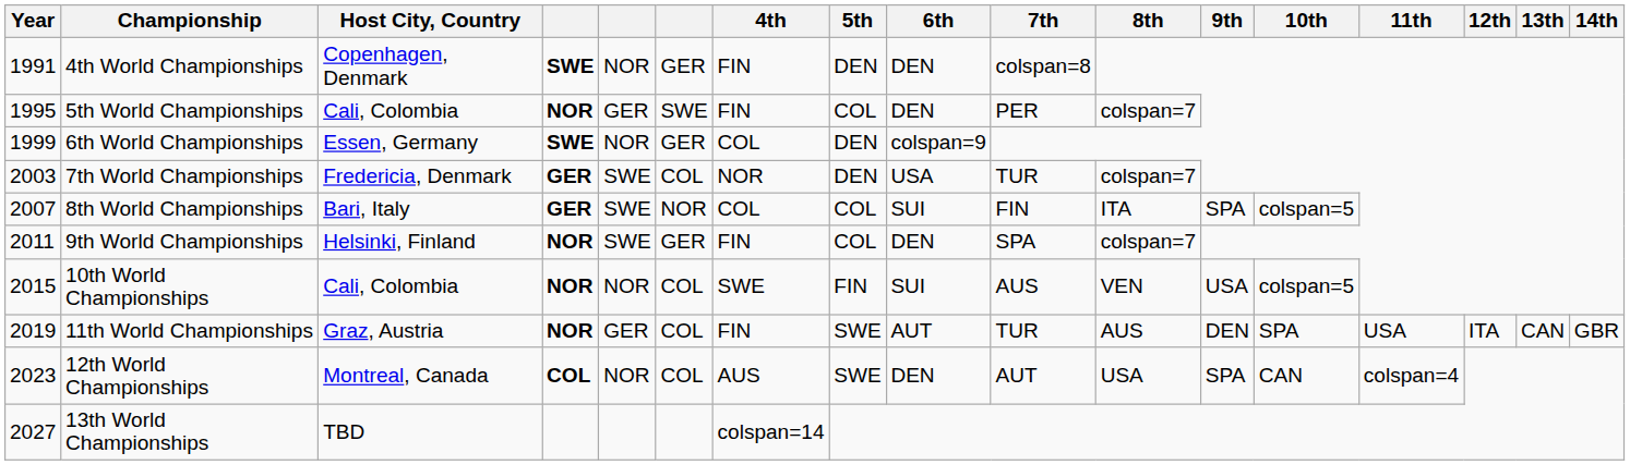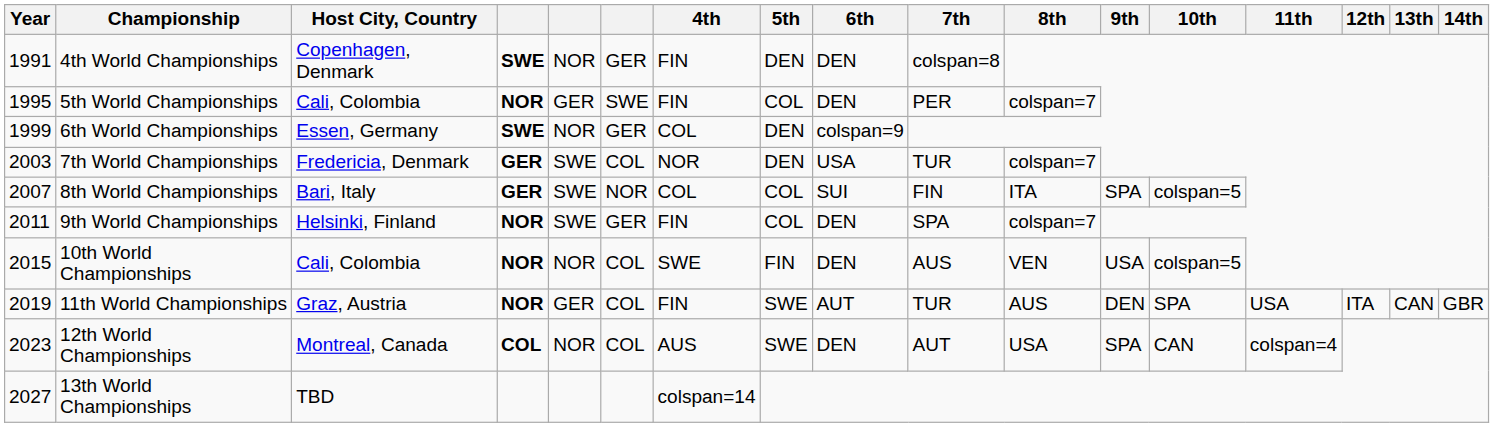 <table class="wikitable">
 <tr>
 <th>Year</th>
 <th>Championship</th>
 <th>Host City, Country </th>
 <th></th>
 <th></th>
 <th></th>
 <th>4th</th>
 <th>5th</th>
 <th>6th</th>
 <th>7th</th>
 <th>8th</th>
 <th>9th</th>
 <th>10th</th>
 <th>11th</th>
 <th>12th</th>
 <th>13th</th>
 <th>14th</th>
 </tr>
 <tr>
 <td>1991</td>
 <td>4th World Championships</td>
 <td> <a href='#'>Copenhagen</a>, Denmark</td>
 <td>  <strong>SWE</strong></td>
 <td>  NOR</td>
 <td>  GER</td>
 <td> FIN</td>
 <td> DEN</td>
 <td> DEN</td>
 <td>colspan=8 </td>
 </tr>
 <tr>
 <td>1995</td>
 <td>5th World Championships</td>
 <td> <a href='#'>Cali</a>, Colombia</td>
 <td>  <strong>NOR</strong></td>
 <td>  GER</td>
 <td>  SWE</td>
 <td> FIN</td>
 <td> COL</td>
 <td> DEN</td>
 <td> PER</td>
 <td>colspan=7 </td>
 </tr>
 <tr>
 <td>1999</td>
 <td>6th World Championships</td>
 <td> <a href='#'>Essen</a>, Germany</td>
 <td>  <strong>SWE</strong></td>
 <td>  NOR</td>
 <td>  GER</td>
 <td> COL</td>
 <td> DEN</td>
 <td>colspan=9 </td>
 </tr>
 <tr>
 <td>2003</td>
 <td>7th World Championships</td>
 <td> <a href='#'>Fredericia</a>, Denmark</td>
 <td>  <strong>GER</strong></td>
 <td>  SWE</td>
 <td>  COL</td>
 <td> NOR</td>
 <td> DEN</td>
 <td> USA</td>
 <td> TUR</td>
 <td>colspan=7 </td>
 </tr>
 <tr>
 <td>2007</td>
 <td>8th World Championships</td>
 <td> <a href='#'>Bari</a>, Italy</td>
 <td>  <strong>GER</strong></td>
 <td>  SWE</td>
 <td>  NOR</td>
 <td> COL</td>
 <td> COL</td>
 <td> SUI</td>
 <td> FIN</td>
 <td> ITA</td>
 <td> SPA</td>
 <td>colspan=5 </td>
 </tr>
 <tr>
 <td>2011</td>
 <td>9th World Championships</td>
 <td> <a href='#'>Helsinki</a>, Finland</td>
 <td>  <strong>NOR</strong></td>
 <td>  SWE</td>
 <td>  GER</td>
 <td> FIN</td>
 <td> COL</td>
 <td> DEN</td>
 <td> SPA</td>
 <td>colspan=7 </td>
 </tr>
 <tr>
 <td>2015</td>
 <td>10th World Championships</td>
 <td> <a href='#'>Cali</a>, Colombia</td>
 <td>  <strong>NOR</strong></td>
 <td>  NOR</td>
 <td>  COL</td>
 <td> SWE</td>
 <td> FIN</td>
-<td> SUI</td>
+<td> DEN</td>
 <td> AUS</td>
 <td> VEN</td>
 <td> USA</td>
 <td>colspan=5 </td>
 </tr>
 <tr>
 <td>2019</td>
 <td>11th World Championships</td>
 <td> <a href='#'>Graz</a>, Austria</td>
 <td>  <strong>NOR</strong></td>
 <td>  GER</td>
 <td>  COL</td>
 <td> FIN</td>
 <td> SWE</td>
 <td> AUT</td>
 <td> TUR</td>
 <td> AUS</td>
 <td> DEN</td>
 <td> SPA</td>
 <td> USA</td>
 <td> ITA</td>
 <td> CAN</td>
 <td> GBR</td>
 </tr>
 <tr>
 <td>2023</td>
 <td>12th World Championships</td>
 <td> <a href='#'>Montreal</a>, Canada</td>
 <td>  <strong>COL</strong></td>
 <td>  NOR</td>
 <td>  COL</td>
 <td> AUS</td>
 <td> SWE</td>
 <td> DEN</td>
 <td> AUT</td>
 <td> USA</td>
 <td> SPA</td>
 <td> CAN</td>
 <td>colspan=4 </td>
 </tr>
 <tr>
 <td>2027</td>
 <td>13th World Championships</td>
 <td>TBD</td>
 <td></td>
 <td></td>
 <td></td>
 <td>colspan=14 </td>
 </tr>
 </table>
